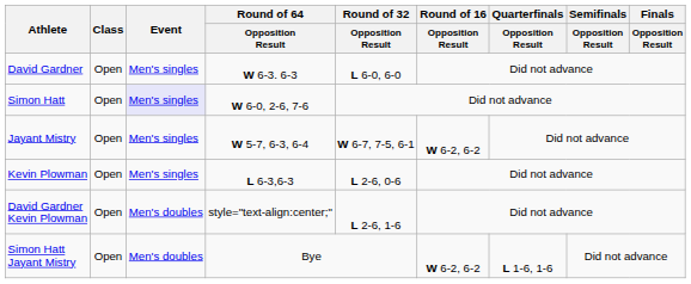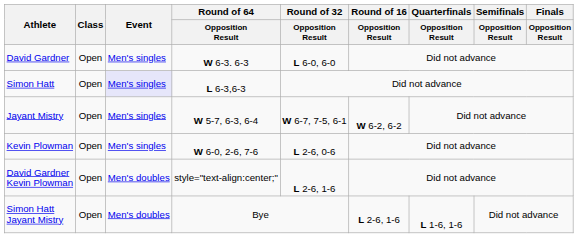 <table class=wikitable style="font-size:90%">
 <tr>
 <th rowspan="2">Athlete</th>
 <th rowspan="2">Class</th>
 <th rowspan="2">Event</th>
 <th>Round of 64</th>
 <th>Round of 32</th>
 <th>Round of 16</th>
 <th>Quarterfinals</th>
 <th>Semifinals</th>
 <th>Finals</th>
 </tr>
 <tr>
 <th style="line-height:1em"><small>Opposition<br>Result</small></th>
 <th style="line-height:1em"><small>Opposition<br>Result</small></th>
 <th style="line-height:1em"><small>Opposition<br>Result</small></th>
 <th style="line-height:1em"><small>Opposition<br>Result</small></th>
 <th style="line-height:1em"><small>Opposition<br>Result</small></th>
 <th style="line-height:1em"><small>Opposition<br>Result</small></th>
 </tr>
 <tr>
 <td><a href='#'>David Gardner</a></td>
 <td style="text-align:center;">Open</td>
 <td><a href='#'>Men's singles</a></td>
 <td style="text-align:center;"><br><strong>W</strong> 6-3. 6-3</td>
 <td style="text-align:center;"><br><strong>L</strong> 6-0, 6-0</td>
 <td style="text-align:center;" colspan="4">Did not advance</td>
 </tr>
 <tr>
 <td><a href='#'>Simon Hatt</a></td>
 <td style="text-align:center;">Open</td>
 <td style="background: lavender;"><a href='#'>Men's singles</a></td>
-<td style="text-align:center;"><br><strong>W</strong> 6-0, 2-6, 7-6</td>
+<td style="text-align:center;"><br><strong>L</strong> 6-3,6-3</td>
 <td style="text-align:center;" colspan="5">Did not advance</td>
 </tr>
 <tr>
 <td><a href='#'>Jayant Mistry</a></td>
 <td style="text-align:center;">Open</td>
 <td><a href='#'>Men's singles</a></td>
 <td style="text-align:center;"><br><strong>W</strong> 5-7, 6-3, 6-4</td>
 <td style="text-align:center;"><br><strong>W</strong> 6-7, 7-5, 6-1</td>
 <td style="text-align:center;"><br> <br><strong>W</strong> 6-2, 6-2</td>
 <td style="text-align:center;" colspan="3">Did not advance</td>
 </tr>
 <tr>
 <td><a href='#'>Kevin Plowman</a></td>
 <td style="text-align:center;">Open</td>
 <td><a href='#'>Men's singles</a></td>
-<td style="text-align:center;"><br><strong>L</strong> 6-3,6-3</td>
+<td style="text-align:center;"><br><strong>W</strong> 6-0, 2-6, 7-6</td>
 <td style="text-align:center;"><br><strong>L</strong> 2-6, 0-6</td>
 <td style="text-align:center;" colspan="4">Did not advance</td>
 </tr>
 <tr>
 <td><a href='#'>David Gardner</a><br> <a href='#'>Kevin Plowman</a></td>
 <td style="text-align:center;">Open</td>
 <td><a href='#'>Men's doubles</a></td>
 <td>style="text-align:center;" </td>
 <td style="text-align:center;"><br> <br><strong>L</strong> 2-6, 1-6</td>
 <td style="text-align:center;" colspan="4">Did not advance</td>
 </tr>
 <tr>
 <td><a href='#'>Simon Hatt</a><br> <a href='#'>Jayant Mistry</a></td>
 <td style="text-align:center;">Open</td>
 <td><a href='#'>Men's doubles</a></td>
 <td style="text-align:center;" colspan="2">Bye</td>
-<td style="text-align:center;"><br> <br><strong>W</strong> 6-2, 6-2</td>
+<td style="text-align:center;"><br><strong>L</strong> 2-6, 1-6</td>
 <td style="text-align:center;"><br> <br><strong>L</strong> 1-6, 1-6</td>
 <td style="text-align:center;" colspan="2">Did not advance</td>
 </tr>
 </table>
